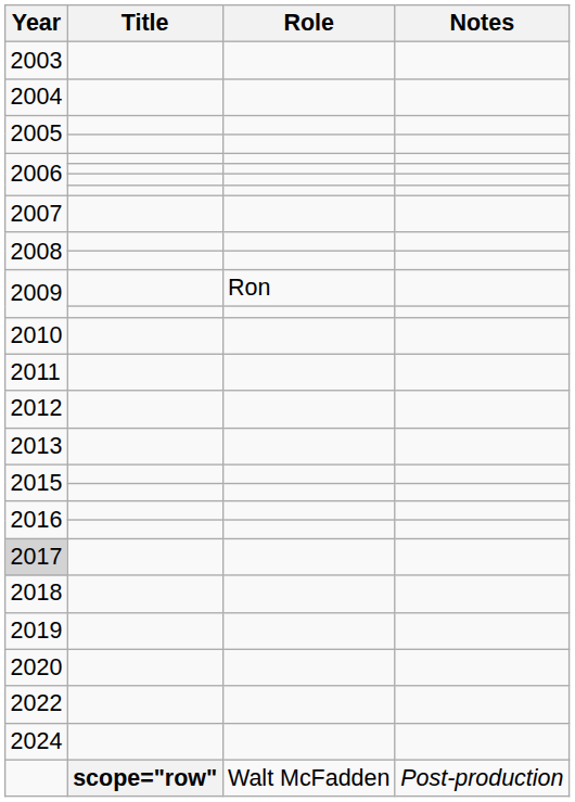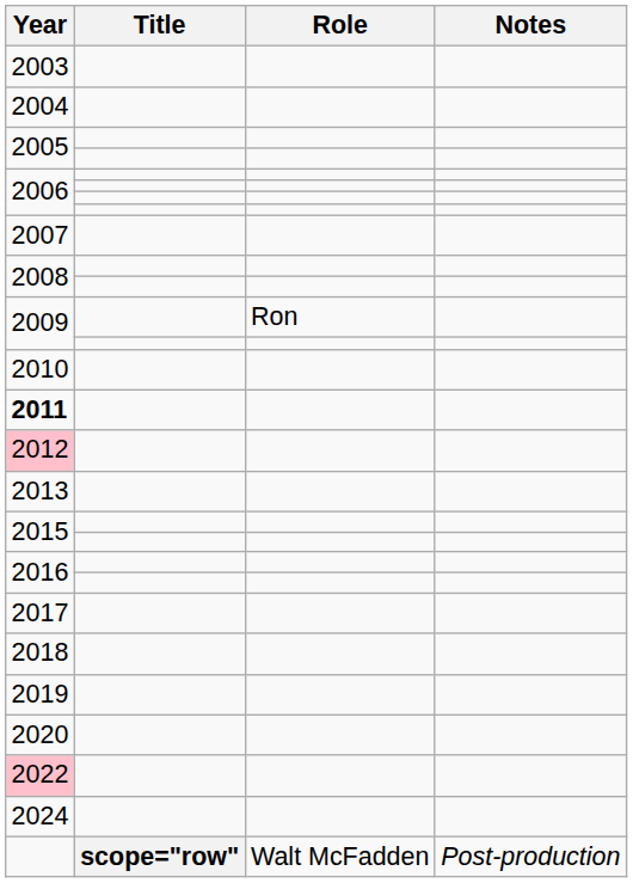 <table class="wikitable sortable plainrowheaders">
 <tr>
 <th scope="col">Year</th>
 <th scope="col">Title</th>
 <th scope="col">Role</th>
 <th scope="col" class="unsortable">Notes</th>
 </tr>
 <tr>
 <td>2003</td>
 <td><em></em></td>
 <td></td>
 <td></td>
 </tr>
 <tr>
 <td>2004</td>
 <td><em></em></td>
 <td></td>
 <td></td>
 </tr>
 <tr>
 <td rowspan="2">2005</td>
 <td><em></em></td>
 <td></td>
 <td></td>
 </tr>
 <tr>
 <td><em></em></td>
 <td></td>
 <td></td>
 </tr>
 <tr>
 <td rowspan="4">2006</td>
 <td><em></em></td>
 <td></td>
 <td></td>
 </tr>
 <tr>
 <td><em></em></td>
 <td></td>
 <td></td>
 </tr>
 <tr>
 <td><em></em></td>
 <td></td>
 <td></td>
 </tr>
 <tr>
 <td><em></em></td>
 <td></td>
 <td></td>
 </tr>
 <tr>
 <td>2007</td>
 <td><em></em></td>
 <td></td>
 <td></td>
 </tr>
 <tr>
 <td rowspan="2">2008</td>
 <td><em></em></td>
 <td></td>
 <td></td>
 </tr>
 <tr>
 <td><em></em></td>
 <td></td>
 <td></td>
 </tr>
 <tr>
 <td rowspan="2">2009</td>
 <td><em></em></td>
 <td>Ron</td>
 <td></td>
 </tr>
 <tr>
 <td><em></em></td>
 <td></td>
 <td></td>
 </tr>
 <tr>
 <td>2010</td>
 <td><em></em></td>
 <td></td>
 <td></td>
 </tr>
 <tr>
-<td>2011</td>
+<td><strong>2011</strong></td>
 <td><em></em></td>
 <td></td>
 <td></td>
 </tr>
 <tr>
-<td>2012</td>
+<td style="background: pink;">2012</td>
 <td><em></em></td>
 <td></td>
 <td></td>
 </tr>
 <tr>
 <td>2013</td>
 <td><em></em></td>
 <td></td>
 <td></td>
 </tr>
 <tr>
 <td rowspan="2">2015</td>
 <td><em></em></td>
 <td></td>
 <td></td>
 </tr>
 <tr>
 <td><em></em></td>
 <td></td>
 <td></td>
 </tr>
 <tr>
 <td rowspan="2">2016</td>
 <td><em></em></td>
 <td></td>
 <td></td>
 </tr>
 <tr>
 <td><em></em></td>
 <td></td>
 <td></td>
 </tr>
 <tr>
-<td style="background: lightgrey;">2017</td>
+<td>2017</td>
 <td><em></em></td>
 <td></td>
 <td></td>
 </tr>
 <tr>
 <td>2018</td>
 <td><em></em></td>
 <td></td>
 <td></td>
 </tr>
 <tr>
 <td>2019</td>
 <td><em></em></td>
 <td></td>
 <td></td>
 </tr>
 <tr>
 <td>2020</td>
 <td><em></em></td>
 <td></td>
 <td></td>
 </tr>
 <tr>
-<td>2022</td>
+<td style="background: pink;">2022</td>
 <td><em></em></td>
 <td></td>
 <td></td>
 </tr>
 <tr>
 <td>2024</td>
 <td><em></em></td>
 <td></td>
 <td></td>
 </tr>
 <tr>
 <td></td>
 <th>scope="row" </th>
 <td>Walt McFadden</td>
 <td><em>Post-production</em></td>
 </tr>
 </table>
